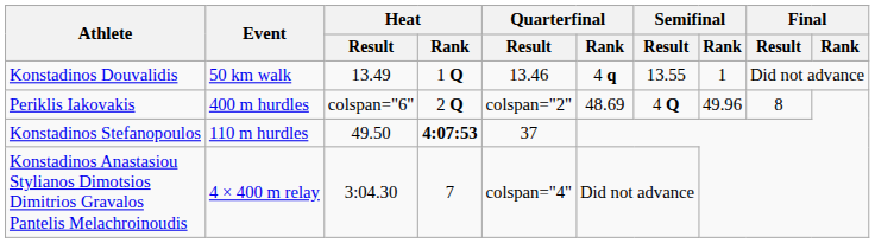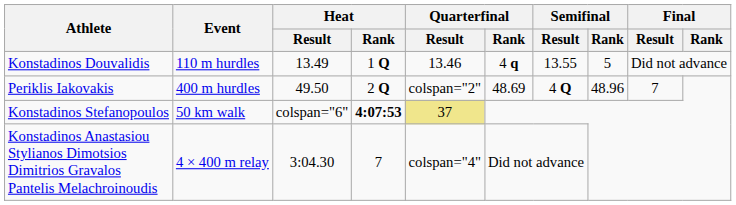 <table class="wikitable" style="font-size:90%">
 <tr>
 <th rowspan="2">Athlete</th>
 <th rowspan="2">Event</th>
 <th colspan="2">Heat</th>
 <th colspan="2">Quarterfinal</th>
 <th colspan="2">Semifinal</th>
 <th colspan="2">Final</th>
 </tr>
 <tr style="font-size:95%">
 <th>Result</th>
 <th>Rank</th>
 <th>Result</th>
 <th>Rank</th>
 <th>Result</th>
 <th>Rank</th>
 <th>Result</th>
 <th>Rank</th>
 </tr>
 <tr align=center>
 <td align=left><a href='#'>Konstadinos Douvalidis</a></td>
-<td align=left><a href='#'>50 km walk</a></td>
+<td align=left><a href='#'>110 m hurdles</a></td>
 <td>13.49</td>
 <td>1 <strong>Q</strong></td>
 <td>13.46</td>
 <td>4 <strong>q</strong></td>
 <td>13.55</td>
-<td>1</td>
+<td>5</td>
 <td colspan=2>Did not advance</td>
 </tr>
 <tr align=center>
 <td align=left><a href='#'>Periklis Iakovakis</a></td>
 <td align=left><a href='#'>400 m hurdles</a></td>
-<td>colspan="6" </td>
+<td>49.50</td>
 <td>2 <strong>Q</strong></td>
 <td>colspan="2" </td>
 <td>48.69</td>
 <td>4 <strong>Q</strong></td>
-<td>49.96</td>
-<td>8</td>
+<td>48.96</td>
+<td>7</td>
 </tr>
 <tr align=center>
 <td align=left><a href='#'>Konstadinos Stefanopoulos</a></td>
-<td align=left><a href='#'>110 m hurdles</a></td>
-<td>49.50</td>
+<td align=left><a href='#'>50 km walk</a></td>
+<td>colspan="6" </td>
 <td><strong>4:07:53</strong></td>
-<td>37</td>
+<td style="background: khaki;">37</td>
 </tr>
 <tr align=center>
 <td align=left><a href='#'>Konstadinos Anastasiou</a><br><a href='#'>Stylianos Dimotsios</a><br><a href='#'>Dimitrios Gravalos</a><br><a href='#'>Pantelis Melachroinoudis</a></td>
 <td align=left><a href='#'>4 × 400 m relay</a></td>
 <td>3:04.30</td>
 <td>7</td>
 <td>colspan="4" </td>
 <td colspan=2>Did not advance</td>
 </tr>
 </table>
